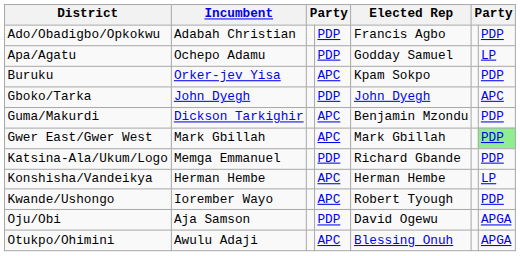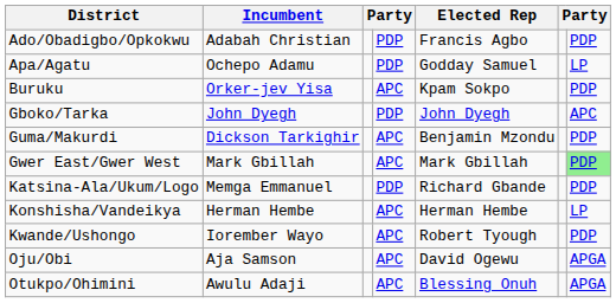 <table class="sortable wikitable" style="font-size:95%;line-height:14px;">
 <tr>
 <th class="unsortable">District</th>
 <th class="unsortable"><a href='#'>Incumbent</a></th>
 <th colspan="2">Party</th>
 <th class="unsortable">Elected Rep</th>
 <th colspan="2">Party</th>
 </tr>
 <tr>
 <td>Ado/Obadigbo/Opkokwu</td>
 <td>Adabah Christian</td>
 <td style="background:"></td>
 <td><a href='#'>PDP</a></td>
 <td>Francis Agbo</td>
 <td style="background:"></td>
 <td><a href='#'>PDP</a></td>
 </tr>
 <tr>
 <td>Apa/Agatu</td>
 <td>Ochepo Adamu</td>
 <td style="background:"></td>
 <td><a href='#'>PDP</a></td>
 <td>Godday Samuel</td>
 <td style="background:"></td>
 <td><a href='#'>LP</a></td>
 </tr>
 <tr>
 <td>Buruku</td>
 <td><a href='#'>Orker-jev Yisa</a></td>
 <td style="background:"></td>
 <td><a href='#'>APC</a></td>
 <td>Kpam Sokpo</td>
 <td style="background:"></td>
 <td><a href='#'>PDP</a></td>
 </tr>
 <tr>
 <td>Gboko/Tarka</td>
 <td><a href='#'>John Dyegh</a></td>
 <td style="background:"></td>
 <td><a href='#'>PDP</a></td>
 <td><a href='#'>John Dyegh</a></td>
 <td style="background:"></td>
 <td><a href='#'>APC</a></td>
 </tr>
 <tr>
 <td>Guma/Makurdi</td>
 <td><a href='#'>Dickson Tarkighir</a></td>
 <td style="background:"></td>
 <td><a href='#'>APC</a></td>
 <td>Benjamin Mzondu</td>
 <td style="background:"></td>
 <td><a href='#'>PDP</a></td>
 </tr>
 <tr>
 <td>Gwer East/Gwer West</td>
 <td>Mark Gbillah</td>
 <td style="background:"></td>
 <td><a href='#'>APC</a></td>
 <td>Mark Gbillah</td>
 <td style="background:"></td>
 <td style="background: lightgreen;"><a href='#'>PDP</a></td>
 </tr>
 <tr>
 <td>Katsina-Ala/Ukum/Logo</td>
 <td>Memga Emmanuel</td>
 <td style="background:"></td>
 <td><a href='#'>PDP</a></td>
 <td>Richard Gbande</td>
 <td style="background:"></td>
 <td><a href='#'>PDP</a></td>
 </tr>
 <tr>
 <td>Konshisha/Vandeikya</td>
 <td>Herman Hembe</td>
 <td style="background:"></td>
 <td><a href='#'>APC</a></td>
 <td>Herman Hembe</td>
 <td style="background:"></td>
 <td><a href='#'>LP</a></td>
 </tr>
 <tr>
 <td>Kwande/Ushongo</td>
 <td>Iorember Wayo</td>
 <td style="background:"></td>
 <td><a href='#'>APC</a></td>
 <td>Robert Tyough</td>
 <td style="background:"></td>
 <td><a href='#'>PDP</a></td>
 </tr>
 <tr>
 <td>Oju/Obi</td>
 <td>Aja Samson</td>
 <td style="background:"></td>
-<td><a href='#'>PDP</a></td>
+<td><a href='#'>APC</a></td>
 <td>David Ogewu</td>
 <td style="background:"></td>
 <td><a href='#'>APGA</a></td>
 </tr>
 <tr>
 <td>Otukpo/Ohimini</td>
 <td>Awulu Adaji</td>
 <td style="background:"></td>
 <td><a href='#'>APC</a></td>
 <td><a href='#'>Blessing Onuh</a></td>
 <td style="background:"></td>
 <td><a href='#'>APGA</a></td>
 </tr>
 </table>
